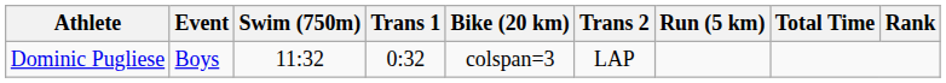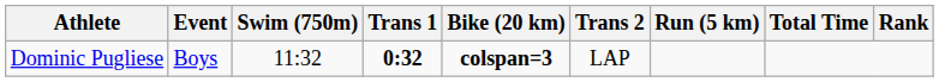 <table class="wikitable" style="font-size:90%;">
 <tr>
 <th>Athlete</th>
 <th>Event</th>
 <th>Swim (750m)</th>
 <th>Trans 1</th>
 <th>Bike (20 km)</th>
 <th>Trans 2</th>
 <th>Run (5 km)</th>
 <th>Total Time</th>
 <th>Rank</th>
 </tr>
 <tr align=center>
 <td align=left><a href='#'>Dominic Pugliese</a></td>
 <td align=left><a href='#'>Boys</a></td>
 <td>11:32</td>
-<td>0:32</td>
-<td>colspan=3 </td>
+<td><strong>0:32</strong></td>
+<td><strong>colspan=3 </strong></td>
 <td>LAP</td>
 <td></td>
 </tr>
 </table>
